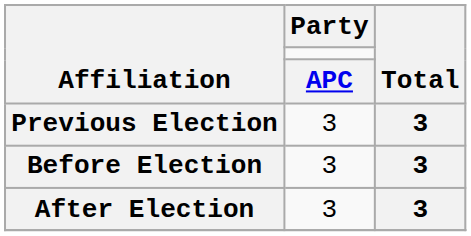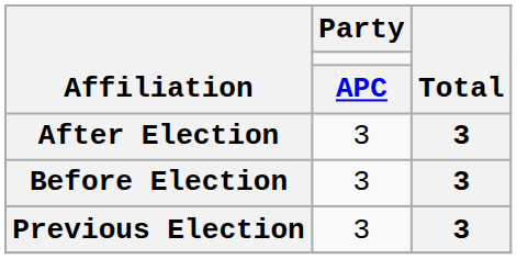 <table class=wikitable style="text-align:center">
 <tr style="vertical-align:bottom;">
 <th rowspan=3>Affiliation</th>
 <th colspan=1>Party</th>
 <th rowspan=3>Total</th>
 </tr>
 <tr>
 <td style="background-color:"></td>
 </tr>
 <tr>
 <th><a href='#'>APC</a></th>
 </tr>
 <tr>
-<th>Previous Election</th>
+<th>After Election</th>
 <td>3</td>
 <th>3</th>
 </tr>
 <tr>
 <th>Before Election</th>
 <td>3</td>
 <th>3</th>
 </tr>
 <tr>
-<th>After Election</th>
+<th>Previous Election</th>
 <td>3</td>
 <th>3</th>
 </tr>
 <tr>
 </tr>
 </table>
